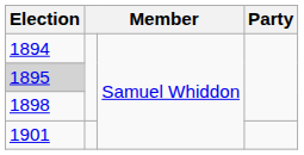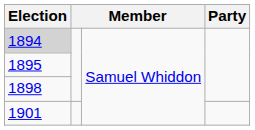 <table class="wikitable">
 <tr>
 <th>Election</th>
 <th colspan="2">Member</th>
 <th>Party</th>
 </tr>
 <tr>
-<td><a href='#'>1894</a></td>
+<td style="background: lightgrey;"><a href='#'>1894</a></td>
 <td rowspan="3" > </td>
 <td rowspan="4"><a href='#'>Samuel Whiddon</a></td>
 <td rowspan="3"></td>
 </tr>
 <tr>
-<td style="background: lightgrey;"><a href='#'>1895</a></td>
+<td><a href='#'>1895</a></td>
 </tr>
 <tr>
 <td><a href='#'>1898</a></td>
 </tr>
 <tr>
 <td><a href='#'>1901</a></td>
 <td> </td>
 <td></td>
 </tr>
 </table>
